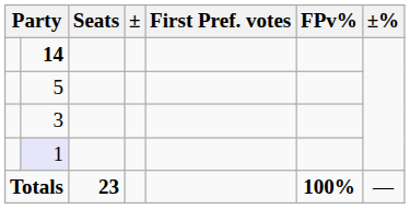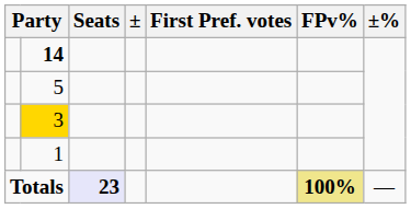 <table class=wikitable>
 <tr>
 <th colspan=2 align=center>Party</th>
 <th valign=top>Seats</th>
 <th valign=top>±</th>
 <th valign=top>First Pref. votes</th>
 <th valign=top>FPv%</th>
 <th valign=top>±%</th>
 </tr>
 <tr>
 <td></td>
 <td align=right><strong>14</strong></td>
 <td align=right></td>
 <td align=right></td>
 <td align=right></td>
 <td align=right></td>
 </tr>
 <tr>
 <td></td>
 <td align=right>5</td>
 <td align=right></td>
 <td align=right></td>
 <td align=right></td>
 <td align=right></td>
 </tr>
 <tr>
 <td></td>
-<td align=right>3</td>
+<td align=right style="background: gold;">3</td>
 <td align=right></td>
 <td align=right></td>
 <td align=right></td>
 <td align=right></td>
 </tr>
 <tr>
 <td></td>
-<td align=right style="background: lavender;">1</td>
+<td align=right>1</td>
 <td align=right></td>
 <td align=right></td>
 <td align=right></td>
 <td align=right></td>
 </tr>
 <tr>
 <td colspan=2 align=center><strong>Totals</strong></td>
-<td align=right><strong>23</strong></td>
+<td align=right style="background: lavender;"><strong>23</strong></td>
 <td align=center></td>
 <td align=right></td>
-<td align=center><strong>100%</strong></td>
+<td align=center style="background: khaki;"><strong>100%</strong></td>
 <td align=center>—</td>
 </tr>
 </table>
